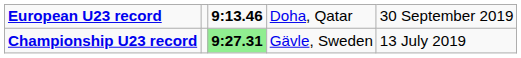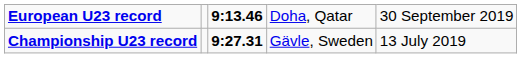 <table class="wikitable">
 <tr>
 <td><strong><a href='#'>European U23 record</a></strong></td>
 <td></td>
 <td><strong>9:13.46</strong></td>
 <td><a href='#'>Doha</a>, Qatar</td>
 <td>30 September 2019</td>
 </tr>
 <tr>
 <td><strong><a href='#'>Championship U23 record</a></strong></td>
 <td></td>
-<td style="background: lightgreen;"><strong>9:27.31</strong></td>
+<td><strong>9:27.31</strong></td>
 <td><a href='#'>Gävle</a>, Sweden</td>
 <td>13 July 2019</td>
 </tr>
 </table>
